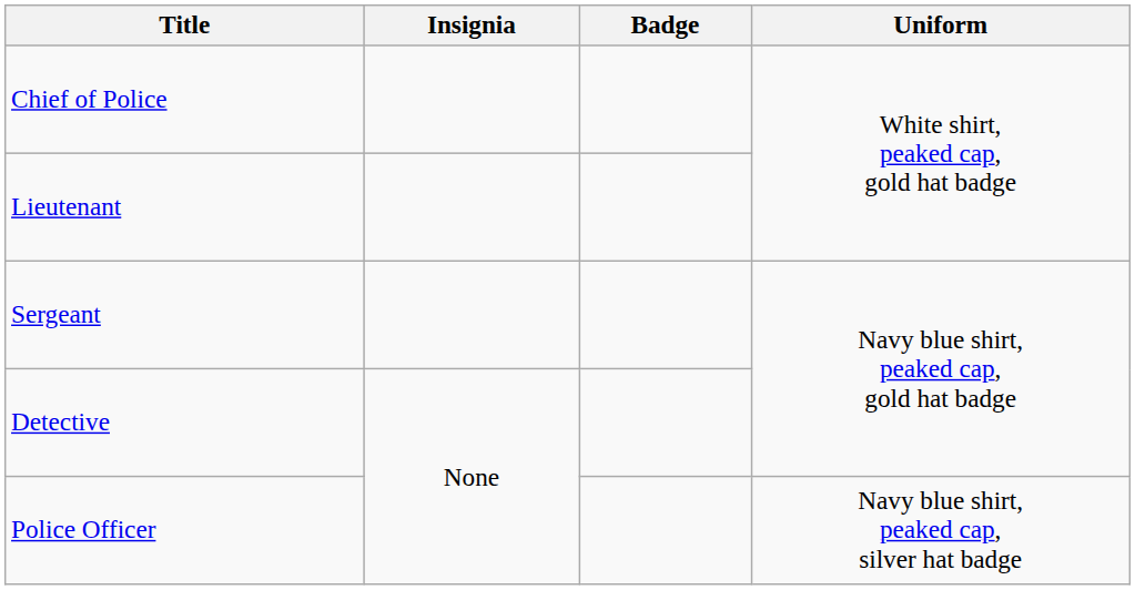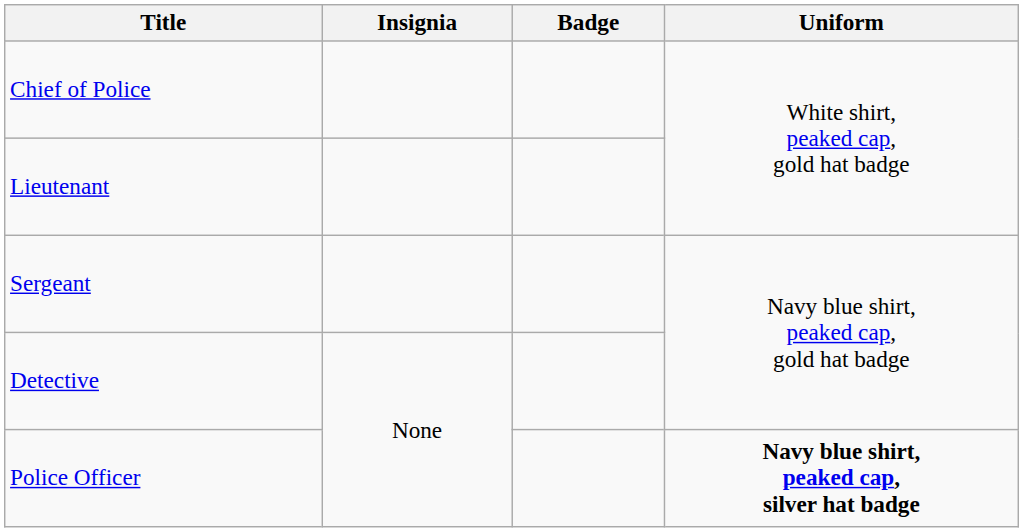 <table class="wikitable" style="width:700px;max-width:100%">
 <tr>
 <th>Title</th>
 <th>Insignia</th>
 <th>Badge</th>
 <th>Uniform</th>
 </tr>
 <tr>
 <td style="padding-top: 1.5em;padding-bottom: 1.5em"><a href='#'>Chief of Police</a></td>
 <td></td>
 <td></td>
 <td rowspan="2" style="text-align:center;">White shirt,<br><a href='#'>peaked cap</a>,<br>gold hat badge</td>
 </tr>
 <tr>
 <td style="padding-top: 1.5em;padding-bottom: 1.5em"><a href='#'>Lieutenant</a></td>
 <td></td>
 <td></td>
 </tr>
 <tr>
 <td style="padding-top: 1.5em;padding-bottom: 1.5em"><a href='#'>Sergeant</a></td>
 <td></td>
 <td style="padding-top: 1em;padding-bottom: 1em"></td>
 <td rowspan="2" style="text-align:center;">Navy blue shirt,<br><a href='#'>peaked cap</a>,<br>gold hat badge</td>
 </tr>
 <tr>
 <td style="padding-top: 1.5em;padding-bottom: 1.5em"><a href='#'>Detective</a></td>
 <td rowspan="2" style="text-align:center;">None</td>
 <td style="padding-top: 1em;padding-bottom: 1em"></td>
 </tr>
 <tr>
 <td style="padding-top: 1.5em;padding-bottom: 1.5em"><a href='#'>Police Officer</a></td>
 <td style="padding-top: 1em;padding-bottom: 1em"></td>
-<td style="text-align:center;">Navy blue shirt,<br><a href='#'>peaked cap</a>,<br>silver hat badge</td>
+<td style="text-align:center;"><strong>Navy blue shirt,<br><a href='#'>peaked cap</a>,<br>silver hat badge</strong></td>
 </tr>
 </table>
